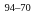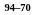 <table style="text-align:center">
 <tr>
 <th width=200></th>
 <th width=100></th>
 <th width=200></th>
 </tr>
 <tr>
 <td align=right></td>
-<td>94–70</td>
+<td><strong>94–70</strong></td>
 <td align=left></td>
 </tr>
 </table>
